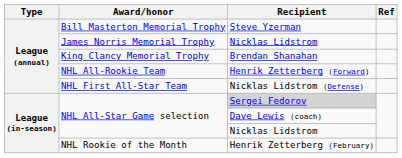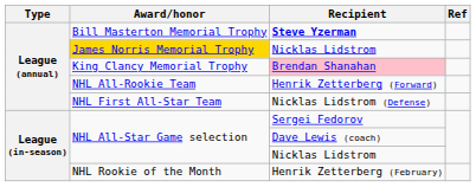 <table class="wikitable">
 <tr>
 <th scope="col">Type</th>
 <th scope="col">Award/honor</th>
 <th scope="col">Recipient</th>
 <th scope="col">Ref</th>
 </tr>
 <tr>
 <th scope="row" rowspan="5">League<br><small>(annual)</small></th>
 <td><a href='#'>Bill Masterton Memorial Trophy</a></td>
-<td><a href='#'>Steve Yzerman</a></td>
+<td><strong><a href='#'>Steve Yzerman</a></strong></td>
 <td></td>
 </tr>
 <tr>
-<td><a href='#'>James Norris Memorial Trophy</a></td>
+<td style="background: gold;"><a href='#'>James Norris Memorial Trophy</a></td>
 <td><a href='#'>Nicklas Lidstrom</a></td>
 <td></td>
 </tr>
 <tr>
 <td><a href='#'>King Clancy Memorial Trophy</a></td>
-<td><a href='#'>Brendan Shanahan</a></td>
+<td style="background: pink;"><a href='#'>Brendan Shanahan</a></td>
 <td></td>
 </tr>
 <tr>
 <td><a href='#'>NHL All-Rookie Team</a></td>
 <td><a href='#'>Henrik Zetterberg</a> <small>(<a href='#'>Forward</a>)</small></td>
 <td></td>
 </tr>
 <tr>
 <td><a href='#'>NHL First All-Star Team</a></td>
 <td>Nicklas Lidstrom <small>(<a href='#'>Defense</a>)</small></td>
 <td></td>
 </tr>
 <tr>
 <th scope="row" rowspan="5">League<br><small>(in-season)</small></th>
 <td rowspan="3"><a href='#'>NHL All-Star Game</a> selection</td>
-<td style="background: lightgrey;"><a href='#'>Sergei Fedorov</a></td>
+<td><a href='#'>Sergei Fedorov</a></td>
 <td rowspan="3"></td>
 </tr>
 <tr>
 <td><a href='#'>Dave Lewis</a> <small>(coach)</small></td>
 </tr>
 <tr>
 <td>Nicklas Lidstrom</td>
 </tr>
 <tr>
 <td>NHL Rookie of the Month</td>
 <td>Henrik Zetterberg <small>(February)</small></td>
 <td></td>
 </tr>
 </table>
